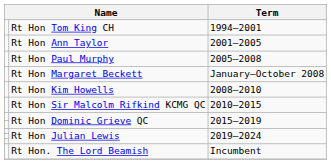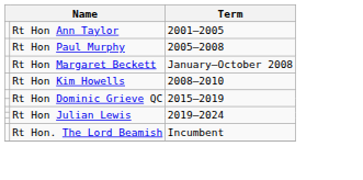 <table class="wikitable">
 <tr>
 <th colspan="2">Name</th>
 <th>Term</th>
-</tr>
-<tr>
-<td style="color:inherit;background-color: "></td>
-<td>Rt Hon <a href='#'>Tom King</a> CH</td>
-<td>1994–2001</td>
 </tr>
 <tr>
 <td style="color:inherit;background-color: "></td>
 <td>Rt Hon <a href='#'>Ann Taylor</a></td>
 <td>2001–2005</td>
 </tr>
 <tr>
 <td style="color:inherit;background-color: "></td>
 <td>Rt Hon <a href='#'>Paul Murphy</a></td>
 <td>2005–2008</td>
 </tr>
 <tr>
 <td style="color:inherit;background-color: "></td>
 <td>Rt Hon <a href='#'>Margaret Beckett</a></td>
 <td>January–October 2008</td>
 </tr>
 <tr>
 <td style="color:inherit;background-color: "></td>
 <td>Rt Hon <a href='#'>Kim Howells</a></td>
 <td>2008–2010</td>
-</tr>
-<tr>
-<td style="color:inherit;background-color: "></td>
-<td>Rt Hon <a href='#'>Sir Malcolm Rifkind</a> KCMG QC</td>
-<td>2010–2015</td>
 </tr>
 <tr>
 <td style="color:inherit;background-color: "></td>
 <td rowspan=2>Rt Hon <a href='#'>Dominic Grieve</a> QC</td>
 <td rowspan=2>2015–2019</td>
 </tr>
 <tr>
 <td style="color:inherit;background-color: "></td>
 </tr>
 <tr>
 <td style="color:inherit;background-color: "></td>
 <td rowspan=3>Rt Hon <a href='#'>Julian Lewis</a></td>
 <td rowspan=3>2019–2024</td>
 </tr>
 <tr>
 <td style="color:inherit;background-color: "></td>
 </tr>
 <tr>
 <td style="color:inherit;background-color: "></td>
 </tr>
 <tr>
 <td style="color:inherit;background-color: "></td>
 <td>Rt Hon. <a href='#'> The Lord Beamish</a></td>
 <td>Incumbent</td>
 </tr>
 <tr>
 </tr>
 </table>
